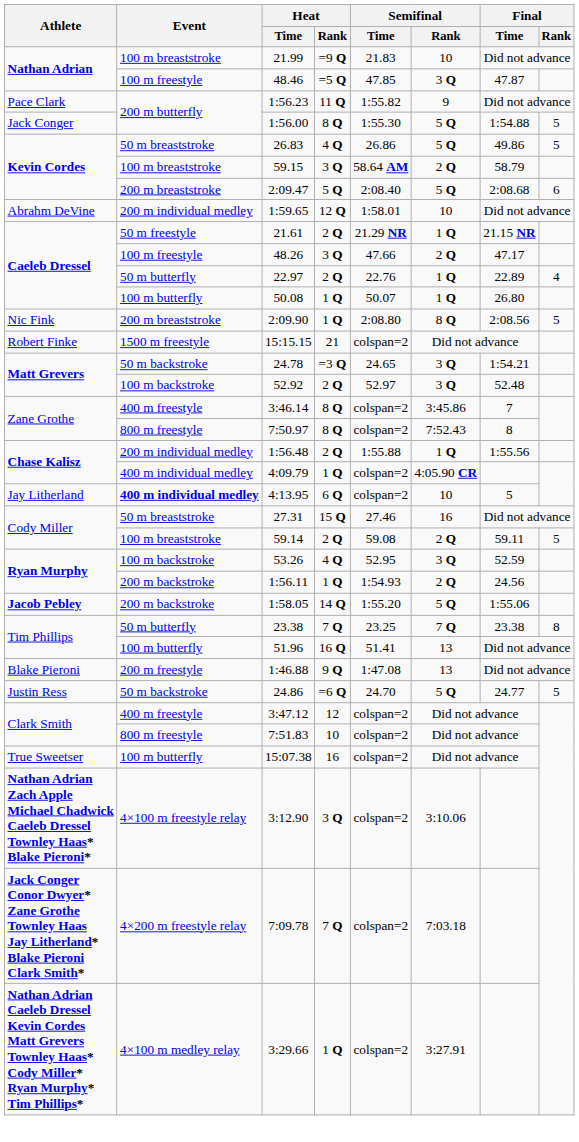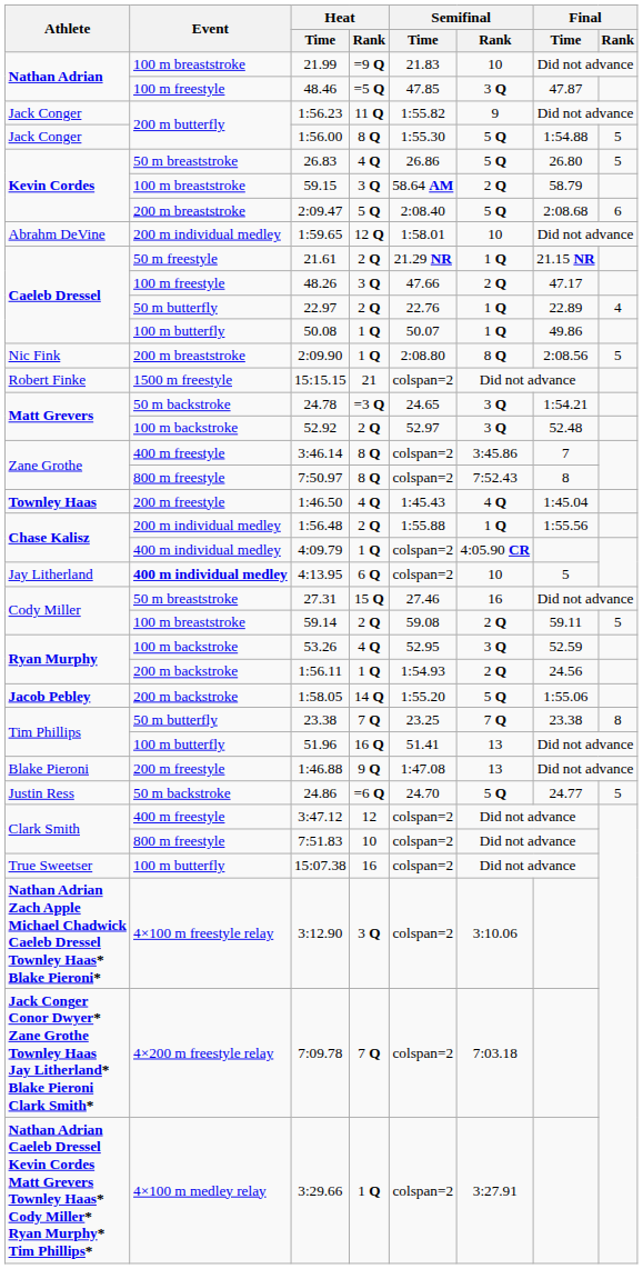 <table class=wikitable style="font-size:90%">
 <tr>
 <th rowspan="2">Athlete</th>
 <th rowspan="2">Event</th>
 <th colspan="2">Heat</th>
 <th colspan="2">Semifinal</th>
 <th colspan="2">Final</th>
 </tr>
 <tr style="font-size:95%">
 <th>Time</th>
 <th>Rank</th>
 <th>Time</th>
 <th>Rank</th>
 <th>Time</th>
 <th>Rank</th>
 </tr>
 <tr align=center>
 <td align=left rowspan=2><strong><a href='#'>Nathan Adrian</a></strong></td>
 <td align=left><a href='#'>100 m breaststroke</a></td>
 <td>21.99</td>
 <td>=9 <strong>Q</strong></td>
 <td>21.83</td>
 <td>10</td>
 <td colspan=2>Did not advance</td>
 </tr>
 <tr align=center>
 <td align=left><a href='#'>100 m freestyle</a></td>
 <td>48.46</td>
 <td>=5 <strong>Q</strong></td>
 <td>47.85</td>
 <td>3 <strong>Q</strong></td>
 <td>47.87</td>
 <td></td>
 </tr>
 <tr align=center>
-<td align=left><a href='#'>Pace Clark</a></td>
+<td align=left><a href='#'>Jack Conger</a></td>
 <td align=left rowspan=2><a href='#'>200 m butterfly</a></td>
 <td>1:56.23</td>
 <td>11 <strong>Q</strong></td>
 <td>1:55.82</td>
 <td>9</td>
 <td colspan="2">Did not advance</td>
 </tr>
 <tr align=center>
 <td align=left><a href='#'>Jack Conger</a></td>
 <td>1:56.00</td>
 <td>8 <strong>Q</strong></td>
 <td>1:55.30</td>
 <td>5 <strong>Q</strong></td>
 <td>1:54.88</td>
 <td>5</td>
 </tr>
 <tr align=center>
 <td align=left rowspan=3><strong><a href='#'>Kevin Cordes</a></strong></td>
 <td align=left><a href='#'>50 m breaststroke</a></td>
 <td>26.83</td>
 <td>4 <strong>Q</strong></td>
 <td>26.86</td>
 <td>5 <strong>Q</strong></td>
-<td>49.86</td>
+<td>26.80</td>
 <td>5</td>
 </tr>
 <tr align=center>
 <td align=left><a href='#'>100 m breaststroke</a></td>
 <td>59.15</td>
 <td>3 <strong>Q</strong></td>
 <td>58.64  <strong><a href='#'>AM</a></strong></td>
 <td>2 <strong>Q</strong></td>
 <td>58.79</td>
 <td></td>
 </tr>
 <tr align=center>
 <td align=left><a href='#'>200 m breaststroke</a></td>
 <td>2:09.47</td>
 <td>5 <strong>Q</strong></td>
 <td>2:08.40</td>
 <td>5 <strong>Q</strong></td>
 <td>2:08.68</td>
 <td>6</td>
 </tr>
 <tr align=center>
 <td align=left><a href='#'>Abrahm DeVine</a></td>
 <td align=left><a href='#'>200 m individual medley</a></td>
 <td>1:59.65</td>
 <td>12 <strong>Q</strong></td>
 <td>1:58.01</td>
 <td>10</td>
 <td colspan="2">Did not advance</td>
 </tr>
 <tr align=center>
 <td align=left rowspan=4><strong><a href='#'>Caeleb Dressel</a></strong></td>
 <td align=left><a href='#'>50 m freestyle</a></td>
 <td>21.61</td>
 <td>2 <strong>Q</strong></td>
 <td>21.29 <strong><a href='#'>NR</a></strong></td>
 <td>1 <strong>Q</strong></td>
 <td>21.15 <strong><a href='#'>NR</a></strong></td>
 <td></td>
 </tr>
 <tr align=center>
 <td align=left><a href='#'>100 m freestyle</a></td>
 <td>48.26</td>
 <td>3 <strong>Q</strong></td>
 <td>47.66</td>
 <td>2 <strong>Q</strong></td>
 <td>47.17</td>
 <td></td>
 </tr>
 <tr align=center>
 <td align=left><a href='#'>50 m butterfly</a></td>
 <td>22.97</td>
 <td>2 <strong>Q</strong></td>
 <td>22.76</td>
 <td>1 <strong>Q</strong></td>
 <td>22.89</td>
 <td>4</td>
 </tr>
 <tr align=center>
 <td align=left><a href='#'>100 m butterfly</a></td>
 <td>50.08</td>
 <td>1 <strong>Q</strong></td>
 <td>50.07</td>
 <td>1 <strong>Q</strong></td>
-<td>26.80</td>
+<td>49.86</td>
 <td></td>
 </tr>
 <tr align=center>
 <td align=left><a href='#'>Nic Fink</a></td>
 <td align=left><a href='#'>200 m breaststroke</a></td>
 <td>2:09.90</td>
 <td>1 <strong>Q</strong></td>
 <td>2:08.80</td>
 <td>8 <strong>Q</strong></td>
 <td>2:08.56</td>
 <td>5</td>
 </tr>
 <tr align=center>
 <td align=left><a href='#'>Robert Finke</a></td>
 <td align=left><a href='#'>1500 m freestyle</a></td>
 <td>15:15.15</td>
 <td>21</td>
 <td>colspan=2 </td>
 <td colspan="2">Did not advance</td>
 </tr>
 <tr align=center>
 <td align=left rowspan=2><strong><a href='#'>Matt Grevers</a></strong></td>
 <td align=left><a href='#'>50 m backstroke</a></td>
 <td>24.78</td>
 <td>=3 <strong>Q</strong></td>
 <td>24.65</td>
 <td>3 <strong>Q</strong></td>
 <td>1:54.21</td>
 <td></td>
 </tr>
 <tr align=center>
 <td align=left><a href='#'>100 m backstroke</a></td>
 <td>52.92</td>
 <td>2 <strong>Q</strong></td>
 <td>52.97</td>
 <td>3 <strong>Q</strong></td>
 <td>52.48</td>
 <td></td>
 </tr>
 <tr align=center>
 <td align=left rowspan=2><a href='#'>Zane Grothe</a></td>
 <td align=left><a href='#'>400 m freestyle</a></td>
 <td>3:46.14</td>
 <td>8 <strong>Q</strong></td>
 <td>colspan=2 </td>
 <td>3:45.86</td>
 <td>7</td>
 </tr>
 <tr align=center>
 <td align=left><a href='#'>800 m freestyle</a></td>
 <td>7:50.97</td>
 <td>8 <strong>Q</strong></td>
 <td>colspan=2 </td>
 <td>7:52.43</td>
 <td>8</td>
+</tr>
+<tr align=center>
+<td align=left><strong><a href='#'>Townley Haas</a></strong></td>
+<td align=left><a href='#'>200 m freestyle</a></td>
+<td>1:46.50</td>
+<td>4 <strong>Q</strong></td>
+<td>1:45.43</td>
+<td>4 <strong>Q</strong></td>
+<td>1:45.04</td>
+<td></td>
 </tr>
 <tr align=center>
 <td align=left rowspan=2><strong><a href='#'>Chase Kalisz</a></strong></td>
 <td align=left><a href='#'>200 m individual medley</a></td>
 <td>1:56.48</td>
 <td>2 <strong>Q</strong></td>
 <td>1:55.88</td>
 <td>1 <strong>Q</strong></td>
 <td>1:55.56</td>
 <td></td>
 </tr>
 <tr align=center>
 <td align=left><a href='#'>400 m individual medley</a></td>
 <td>4:09.79</td>
 <td>1 <strong>Q</strong></td>
 <td>colspan=2 </td>
 <td>4:05.90 <strong><a href='#'>CR</a></strong></td>
 <td></td>
 </tr>
 <tr align=center>
 <td align=left><a href='#'>Jay Litherland</a></td>
 <td align=left><strong><a href='#'>400 m individual medley</a></strong></td>
 <td>4:13.95</td>
 <td>6 <strong>Q</strong></td>
 <td>colspan=2 </td>
 <td>10</td>
 <td>5</td>
 </tr>
 <tr align=center>
 <td align=left rowspan=2><a href='#'>Cody Miller</a></td>
 <td align=left><a href='#'>50 m breaststroke</a></td>
 <td>27.31</td>
 <td>15 <strong>Q</strong></td>
 <td>27.46</td>
 <td>16</td>
 <td colspan="2">Did not advance</td>
 </tr>
 <tr align=center>
 <td align=left><a href='#'>100 m breaststroke</a></td>
 <td>59.14</td>
 <td>2 <strong>Q</strong></td>
 <td>59.08</td>
 <td>2 <strong>Q</strong></td>
 <td>59.11</td>
 <td>5</td>
 </tr>
 <tr align=center>
 <td align=left rowspan=2><strong><a href='#'>Ryan Murphy</a></strong></td>
 <td align=left><a href='#'>100 m backstroke</a></td>
 <td>53.26</td>
 <td>4 <strong>Q</strong></td>
 <td>52.95</td>
 <td>3 <strong>Q</strong></td>
 <td>52.59</td>
 <td></td>
 </tr>
 <tr align=center>
 <td align=left><a href='#'>200 m backstroke</a></td>
 <td>1:56.11</td>
 <td>1 <strong>Q</strong></td>
 <td>1:54.93</td>
 <td>2 <strong>Q</strong></td>
 <td>24.56</td>
 <td></td>
 </tr>
 <tr align=center>
 <td align=left><strong><a href='#'>Jacob Pebley</a></strong></td>
 <td align=left><a href='#'>200 m backstroke</a></td>
 <td>1:58.05</td>
 <td>14 <strong>Q</strong></td>
 <td>1:55.20</td>
 <td>5 <strong>Q</strong></td>
 <td>1:55.06</td>
 <td></td>
 </tr>
 <tr align=center>
 <td align=left rowspan=2><a href='#'>Tim Phillips</a></td>
 <td align=left><a href='#'>50 m butterfly</a></td>
 <td>23.38</td>
 <td>7 <strong>Q</strong></td>
 <td>23.25</td>
 <td>7 <strong>Q</strong></td>
 <td>23.38</td>
 <td>8</td>
 </tr>
 <tr align=center>
 <td align=left><a href='#'>100 m butterfly</a></td>
 <td>51.96</td>
 <td>16 <strong>Q</strong></td>
 <td>51.41</td>
 <td>13</td>
 <td colspan=2>Did not advance</td>
 </tr>
 <tr align=center>
 <td align=left><a href='#'>Blake Pieroni</a></td>
 <td align=left><a href='#'>200 m freestyle</a></td>
 <td>1:46.88</td>
 <td>9 <strong>Q</strong></td>
 <td>1:47.08</td>
 <td>13</td>
 <td colspan="2">Did not advance</td>
 </tr>
 <tr align=center>
 <td align=left><a href='#'>Justin Ress</a></td>
 <td align=left><a href='#'>50 m backstroke</a></td>
 <td>24.86</td>
 <td>=6 <strong>Q</strong></td>
 <td>24.70</td>
 <td>5 <strong>Q</strong></td>
 <td>24.77</td>
 <td>5</td>
 </tr>
 <tr align=center>
 <td align=left rowspan=2><a href='#'>Clark Smith</a></td>
 <td align=left><a href='#'>400 m freestyle</a></td>
 <td>3:47.12</td>
 <td>12</td>
 <td>colspan=2 </td>
 <td colspan=2>Did not advance</td>
 </tr>
 <tr align=center>
 <td align=left><a href='#'>800 m freestyle</a></td>
 <td>7:51.83</td>
 <td>10</td>
 <td>colspan=2 </td>
 <td colspan="2">Did not advance</td>
 </tr>
 <tr align=center>
 <td align=left><a href='#'>True Sweetser</a></td>
 <td align=left><a href='#'>100 m butterfly</a></td>
 <td>15:07.38</td>
 <td>16</td>
 <td>colspan=2 </td>
 <td colspan="2">Did not advance</td>
 </tr>
 <tr align=center>
 <td align=left><strong><a href='#'>Nathan Adrian</a><br><a href='#'>Zach Apple</a><br><a href='#'>Michael Chadwick</a><br><a href='#'>Caeleb Dressel</a><br><a href='#'>Townley Haas</a>*<br><a href='#'>Blake Pieroni</a>*</strong></td>
 <td align=left><a href='#'>4×100 m freestyle relay</a></td>
 <td>3:12.90</td>
 <td>3 <strong>Q</strong></td>
 <td>colspan=2 </td>
 <td>3:10.06</td>
 <td></td>
 </tr>
 <tr align=center>
 <td align=left><strong><a href='#'>Jack Conger</a><br><a href='#'>Conor Dwyer</a>*<br><a href='#'>Zane Grothe</a><br><a href='#'>Townley Haas</a><br><a href='#'>Jay Litherland</a>*<br><a href='#'>Blake Pieroni</a><br><a href='#'>Clark Smith</a>*</strong></td>
 <td align=left><a href='#'>4×200 m freestyle relay</a></td>
 <td>7:09.78</td>
 <td>7 <strong>Q</strong></td>
 <td>colspan=2 </td>
 <td>7:03.18</td>
 <td></td>
 </tr>
 <tr align=center>
 <td align=left><strong><a href='#'>Nathan Adrian</a><br><a href='#'>Caeleb Dressel</a><br><a href='#'>Kevin Cordes</a><br><a href='#'>Matt Grevers</a><br><a href='#'>Townley Haas</a>*<br><a href='#'>Cody Miller</a>*<br><a href='#'>Ryan Murphy</a>*<br><a href='#'>Tim Phillips</a>*</strong></td>
 <td align=left><a href='#'>4×100 m medley relay</a></td>
 <td>3:29.66</td>
 <td>1 <strong>Q</strong></td>
 <td>colspan=2 </td>
 <td>3:27.91</td>
 <td></td>
 </tr>
 </table>
